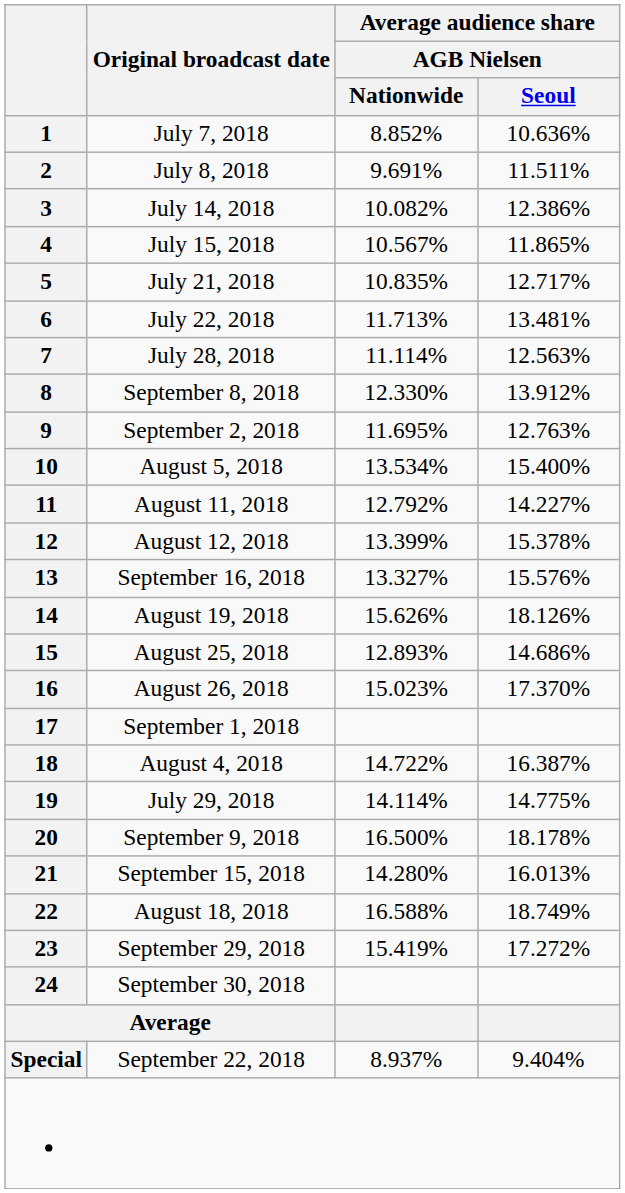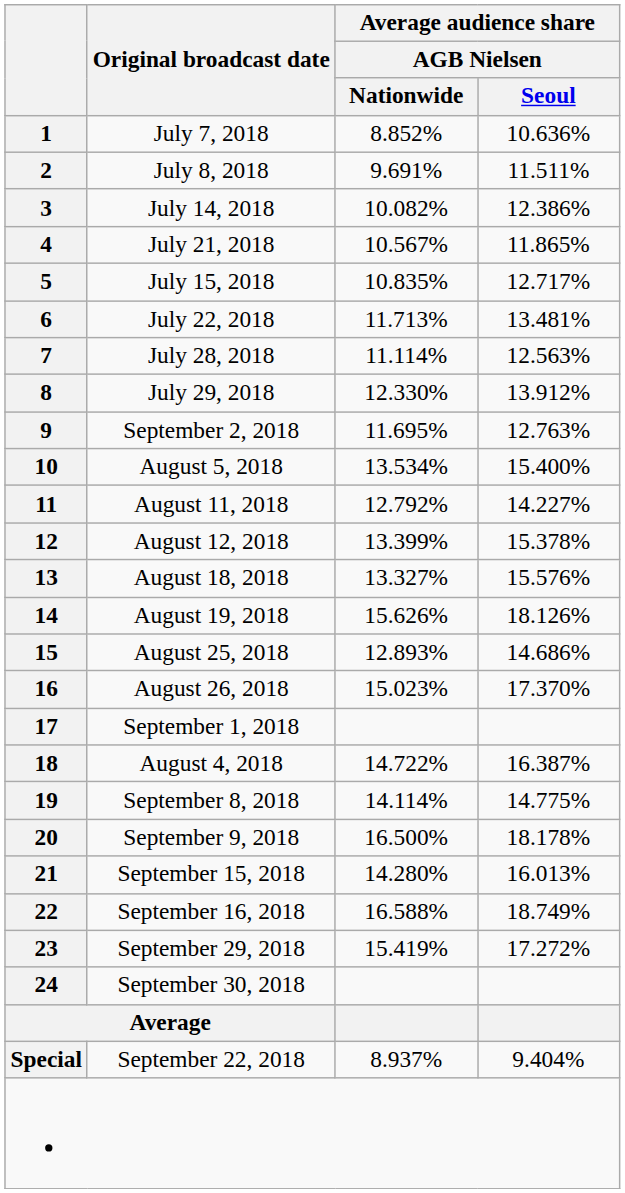 <table class="wikitable" style="text-align:center;max-width:450px; margin-left: auto; margin-right: auto; border: none;">
 <tr>
 </tr>
 <tr>
 <th rowspan="3"></th>
 <th rowspan="3">Original broadcast date</th>
 <th colspan="2">Average audience share</th>
 </tr>
 <tr>
 <th colspan="2">AGB Nielsen</th>
 </tr>
 <tr>
 <th width="90">Nationwide</th>
 <th width="90"><a href='#'>Seoul</a></th>
 </tr>
 <tr>
 <th>1</th>
 <td>July 7, 2018</td>
 <td>8.852% </td>
 <td>10.636% </td>
 </tr>
 <tr>
 <th>2</th>
 <td>July 8, 2018</td>
 <td>9.691% </td>
 <td>11.511% </td>
 </tr>
 <tr>
 <th>3</th>
 <td>July 14, 2018</td>
 <td>10.082% </td>
 <td>12.386% </td>
 </tr>
 <tr>
 <th>4</th>
-<td>July 15, 2018</td>
+<td>July 21, 2018</td>
 <td>10.567% </td>
 <td>11.865% </td>
 </tr>
 <tr>
 <th>5</th>
-<td>July 21, 2018</td>
+<td>July 15, 2018</td>
 <td>10.835% </td>
 <td>12.717% </td>
 </tr>
 <tr>
 <th>6</th>
 <td>July 22, 2018</td>
 <td>11.713% </td>
 <td>13.481% </td>
 </tr>
 <tr>
 <th>7</th>
 <td>July 28, 2018</td>
 <td>11.114% </td>
 <td>12.563% </td>
 </tr>
 <tr>
 <th>8</th>
-<td>September 8, 2018</td>
+<td>July 29, 2018</td>
 <td>12.330% </td>
 <td>13.912% </td>
 </tr>
 <tr>
 <th>9</th>
 <td>September 2, 2018</td>
 <td>11.695% </td>
 <td>12.763% </td>
 </tr>
 <tr>
 <th>10</th>
 <td>August 5, 2018</td>
 <td>13.534% </td>
 <td>15.400% </td>
 </tr>
 <tr>
 <th>11</th>
 <td>August 11, 2018</td>
 <td>12.792% </td>
 <td>14.227% </td>
 </tr>
 <tr>
 <th>12</th>
 <td>August 12, 2018</td>
 <td>13.399% </td>
 <td>15.378% </td>
 </tr>
 <tr>
 <th>13</th>
-<td>September 16, 2018</td>
+<td>August 18, 2018</td>
 <td>13.327% </td>
 <td>15.576% </td>
 </tr>
 <tr>
 <th>14</th>
 <td>August 19, 2018</td>
 <td>15.626% </td>
 <td>18.126% </td>
 </tr>
 <tr>
 <th>15</th>
 <td>August 25, 2018</td>
 <td>12.893% </td>
 <td>14.686% </td>
 </tr>
 <tr>
 <th>16</th>
 <td>August 26, 2018</td>
 <td>15.023% </td>
 <td>17.370% </td>
 </tr>
 <tr>
 <th>17</th>
 <td>September 1, 2018</td>
 <td> </td>
 <td> </td>
 </tr>
 <tr>
 <th>18</th>
 <td>August 4, 2018</td>
 <td>14.722% </td>
 <td>16.387% </td>
 </tr>
 <tr>
 <th>19</th>
-<td>July 29, 2018</td>
+<td>September 8, 2018</td>
 <td>14.114% </td>
 <td>14.775% </td>
 </tr>
 <tr>
 <th>20</th>
 <td>September 9, 2018</td>
 <td>16.500% </td>
 <td>18.178% </td>
 </tr>
 <tr>
 <th>21</th>
 <td>September 15, 2018</td>
 <td>14.280% </td>
 <td>16.013% </td>
 </tr>
 <tr>
 <th>22</th>
-<td>August 18, 2018</td>
+<td>September 16, 2018</td>
 <td>16.588% </td>
 <td>18.749% </td>
 </tr>
 <tr>
 <th>23</th>
 <td>September 29, 2018</td>
 <td>15.419% </td>
 <td>17.272% </td>
 </tr>
 <tr>
 <th>24</th>
 <td>September 30, 2018</td>
 <td> </td>
 <td> </td>
 </tr>
 <tr>
 <th colspan="2">Average</th>
 <th></th>
 <th></th>
 </tr>
 <tr>
 <th>Special</th>
 <td>September 22, 2018</td>
 <td>8.937%</td>
 <td>9.404%</td>
 </tr>
 <tr>
 <td colspan="4"><br><ul><li></li></ul></td>
 </tr>
 </table>
